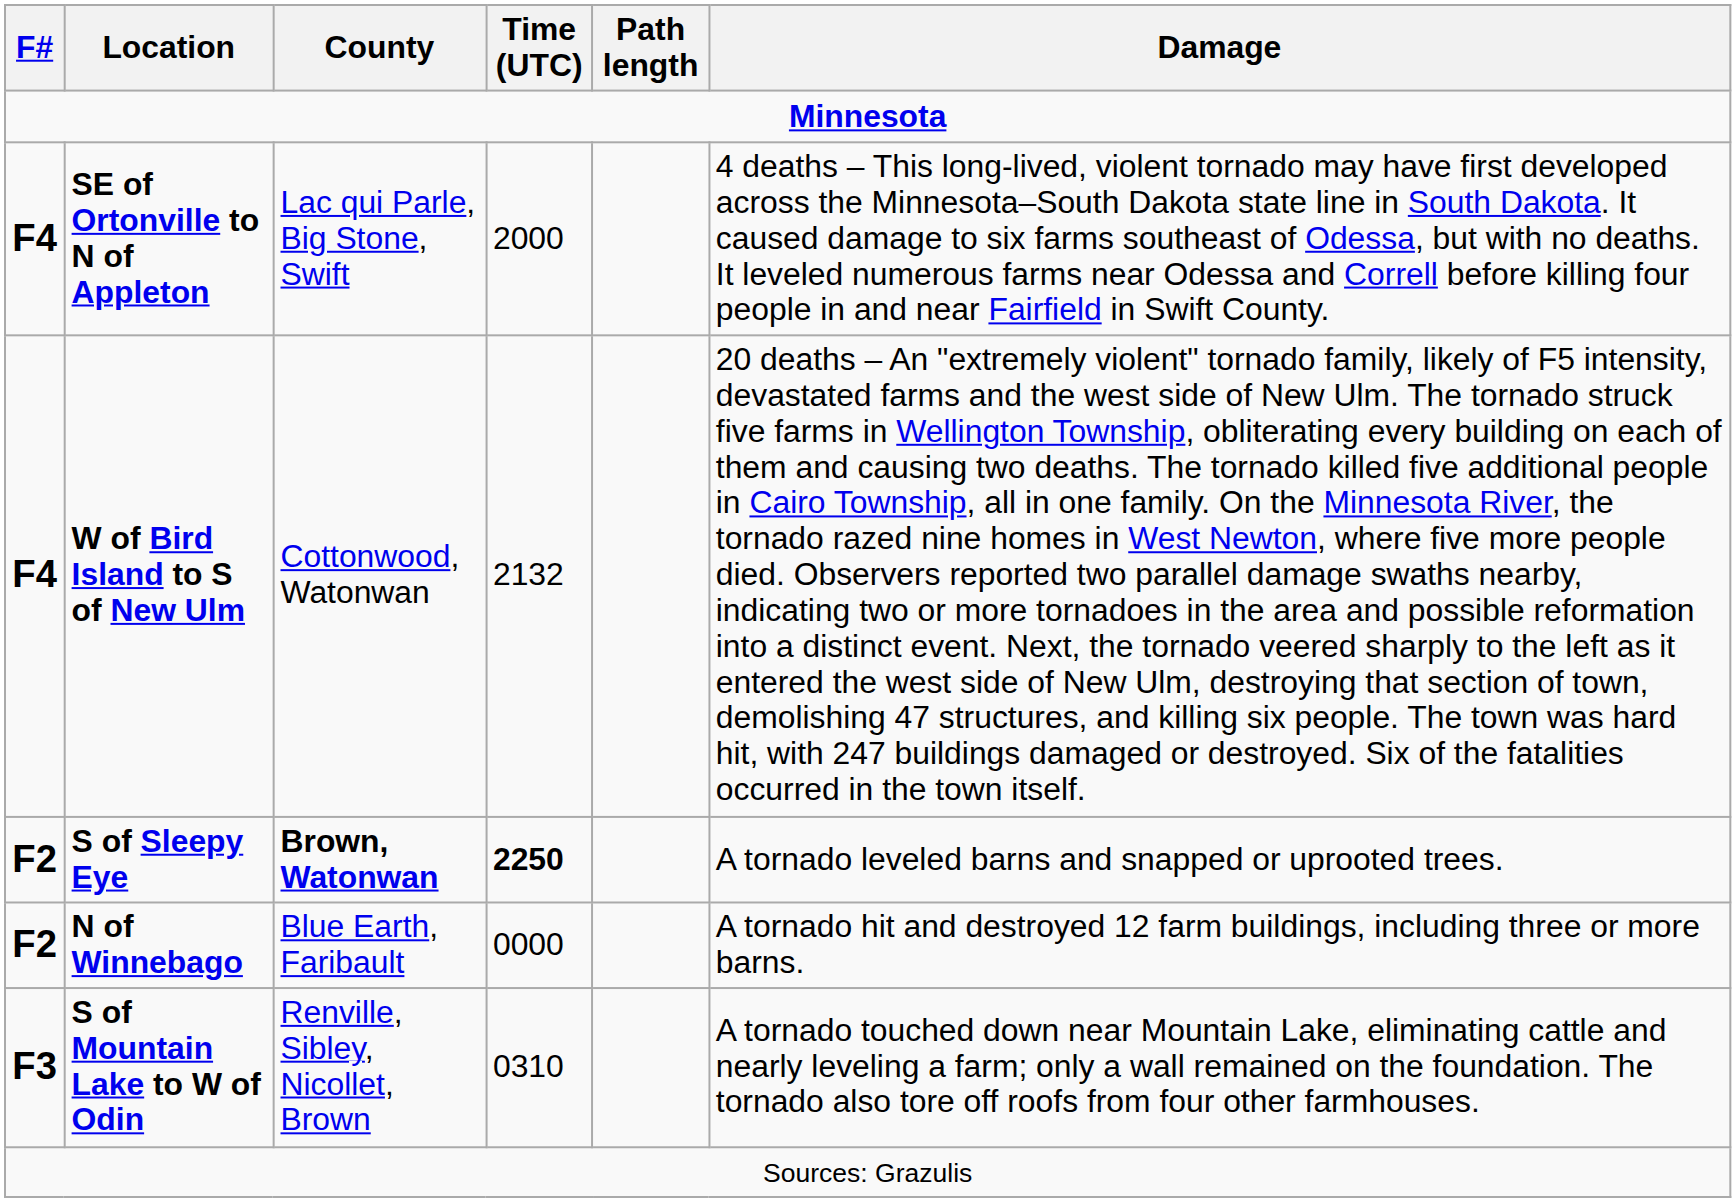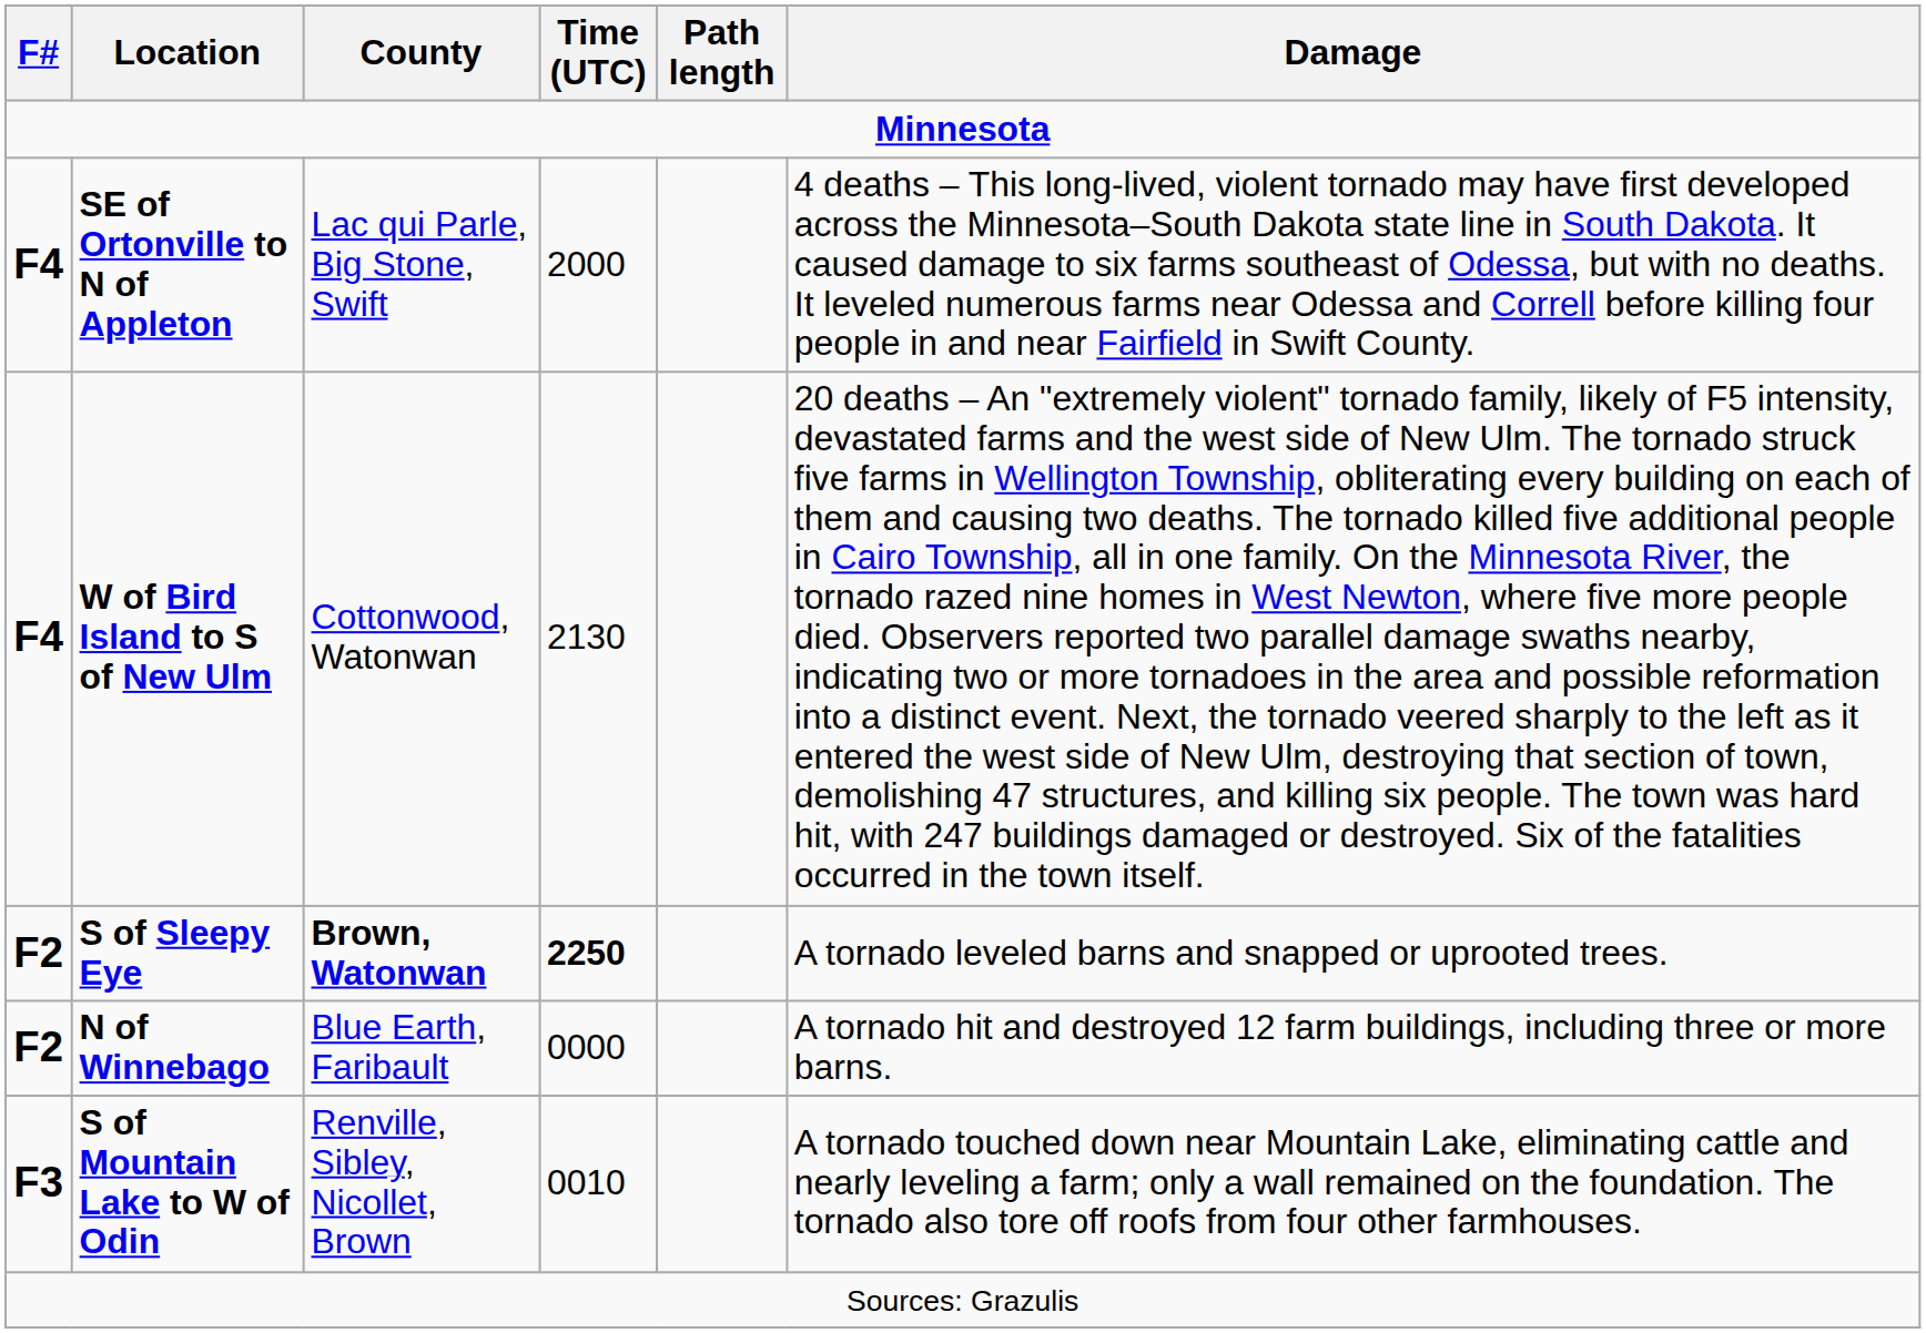 <table class="wikitable">
 <tr>
 <th><strong><a href='#'>F#</a></strong></th>
 <th><strong>Location</strong></th>
 <th><strong>County</strong></th>
 <th><strong>Time (UTC)</strong></th>
 <th><strong>Path length</strong></th>
 <th><strong>Damage</strong></th>
 </tr>
 <tr>
 <td colspan="7" align=center><strong><a href='#'>Minnesota</a></strong></td>
 </tr>
 <tr>
 <td><big><strong>F4</strong></big></td>
 <td><strong>SE of <a href='#'>Ortonville</a> to N of <a href='#'>Appleton</a></strong></td>
 <td><a href='#'>Lac qui Parle</a>, <a href='#'>Big Stone</a>, <a href='#'>Swift</a></td>
 <td>2000</td>
 <td></td>
 <td>4 deaths – This long-lived, violent tornado may have first developed across the Minnesota–South Dakota state line in <a href='#'>South Dakota</a>. It caused damage to six farms southeast of <a href='#'>Odessa</a>, but with no deaths. It leveled numerous farms near Odessa and <a href='#'>Correll</a> before killing four people in and near <a href='#'>Fairfield</a> in Swift County.</td>
 </tr>
 <tr>
 <td><big><strong>F4</strong></big></td>
 <td><strong>W of <a href='#'>Bird Island</a> to S of <a href='#'>New Ulm</a></strong></td>
 <td><a href='#'>Cottonwood</a>, Watonwan</td>
-<td>2132</td>
+<td>2130</td>
 <td></td>
 <td>20 deaths – An "extremely violent" tornado family, likely of F5 intensity, devastated farms and the west side of New Ulm. The tornado struck five farms in <a href='#'>Wellington Township</a>, obliterating every building on each of them and causing two deaths. The tornado killed five additional people in <a href='#'>Cairo Township</a>, all in one family. On the <a href='#'>Minnesota River</a>, the tornado razed nine homes in <a href='#'>West Newton</a>, where five more people died. Observers reported two parallel damage swaths nearby, indicating two or more tornadoes in the area and possible reformation into a distinct event. Next, the tornado veered sharply to the left as it entered the west side of New Ulm, destroying that section of town, demolishing 47 structures, and killing six people. The town was hard hit, with 247 buildings damaged or destroyed. Six of the fatalities occurred in the town itself.</td>
 </tr>
 <tr>
 <td><big><strong>F2</strong></big></td>
 <td><strong>S of <a href='#'>Sleepy Eye</a></strong></td>
 <td><strong>Brown, <a href='#'>Watonwan</a></strong></td>
 <td><strong>2250</strong></td>
 <td></td>
 <td>A tornado leveled barns and snapped or uprooted trees.</td>
 </tr>
 <tr>
 <td><big><strong>F2</strong></big></td>
 <td><strong>N of <a href='#'>Winnebago</a></strong></td>
 <td><a href='#'>Blue Earth</a>, <a href='#'>Faribault</a></td>
 <td>0000</td>
 <td></td>
 <td>A tornado hit and destroyed 12 farm buildings, including three or more barns.</td>
 </tr>
 <tr>
 <td><big><strong>F3</strong></big></td>
 <td><strong>S of <a href='#'>Mountain Lake</a> to W of <a href='#'>Odin</a></strong></td>
 <td><a href='#'>Renville</a>, <a href='#'>Sibley</a>, <a href='#'>Nicollet</a>, <a href='#'>Brown</a></td>
-<td>0310</td>
+<td>0010</td>
 <td></td>
 <td>A tornado touched down near Mountain Lake, eliminating cattle and nearly leveling a farm; only a wall remained on the foundation. The tornado also tore off roofs from four other farmhouses.</td>
 </tr>
 <tr>
 <td colspan="7" style="text-align:center;"><small>Sources: Grazulis</small></td>
 </tr>
 </table>
